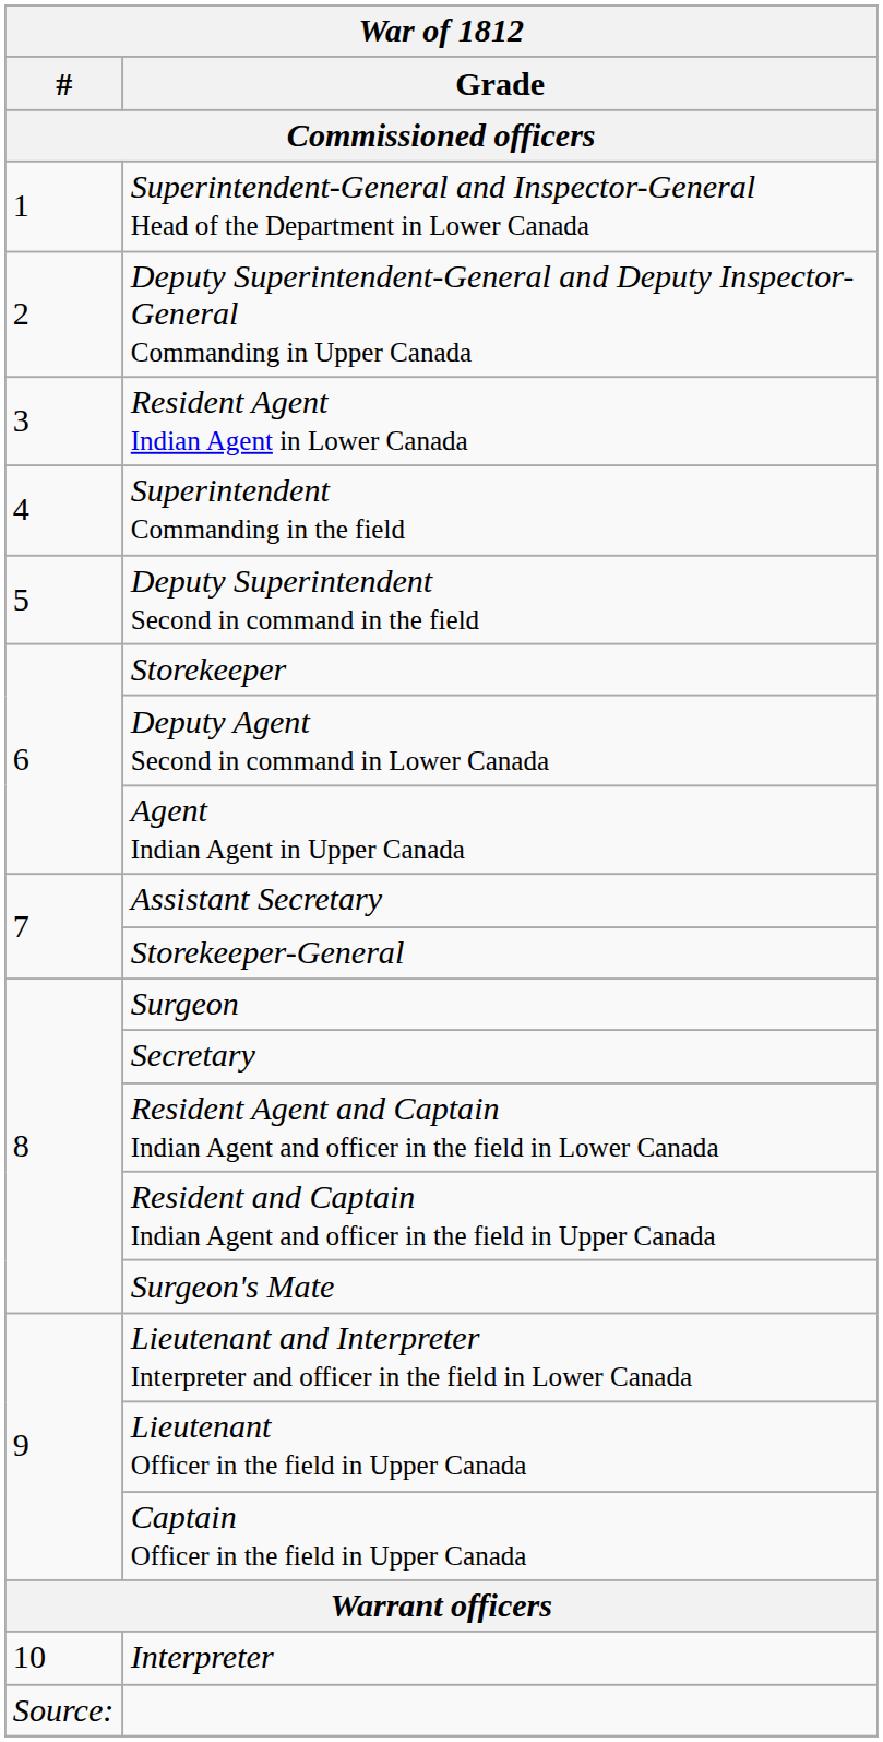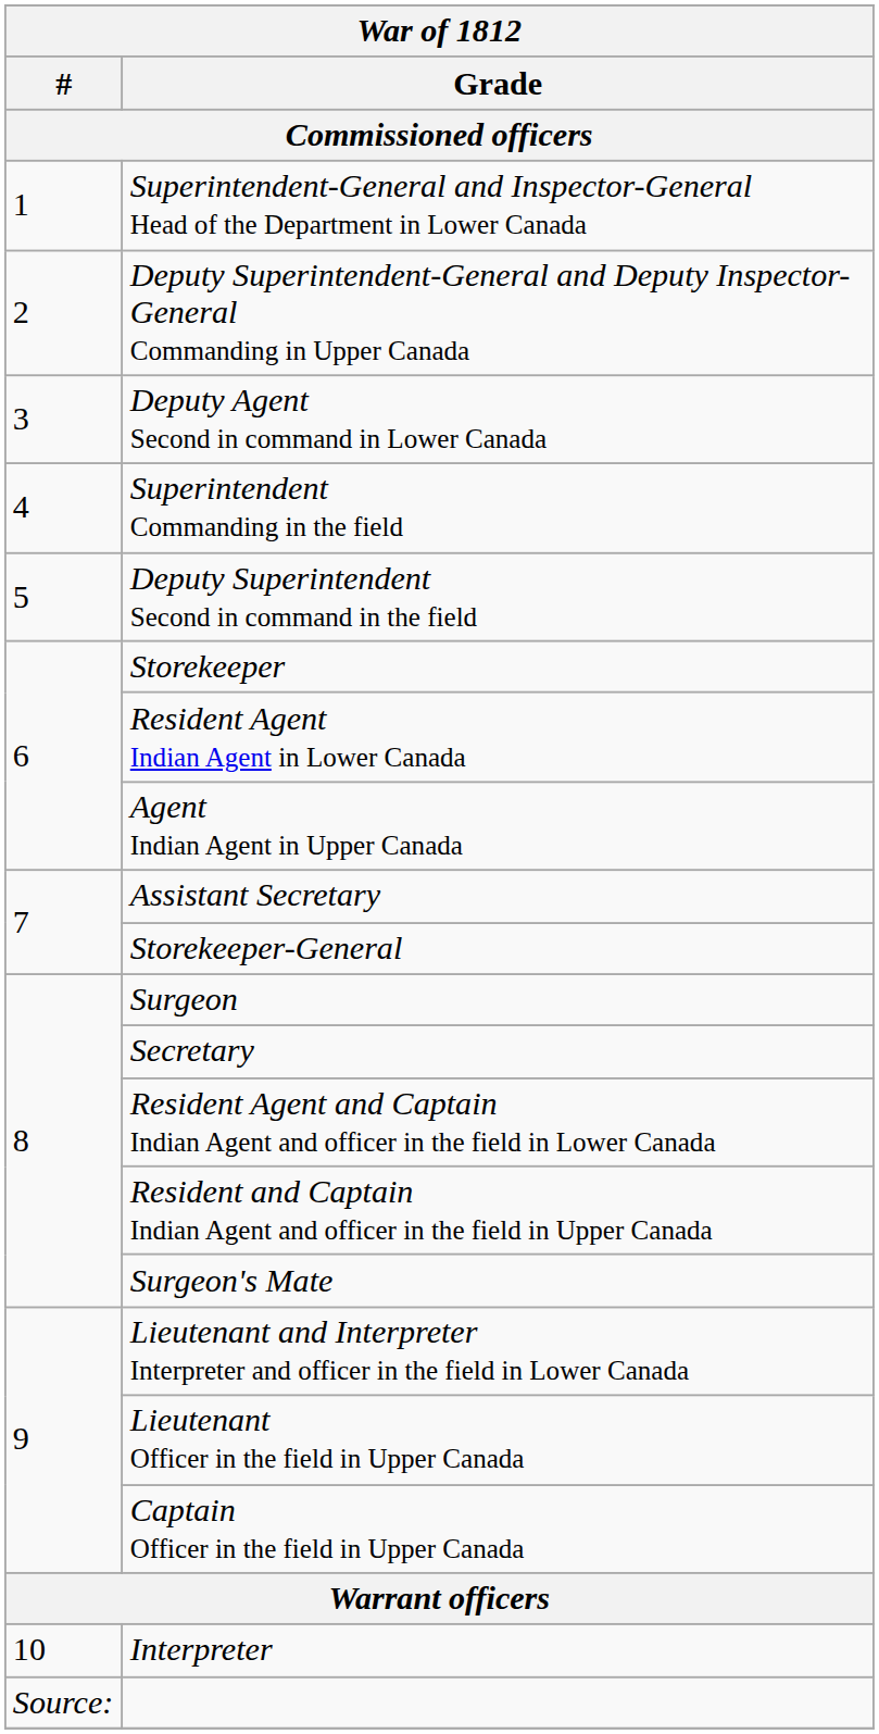 <table class="wikitable">
 <tr bgcolor="F1F1F1">
 </tr>
 <tr>
 <th colspan=2><em>War of 1812</em></th>
 </tr>
 <tr>
 <th align="center" width="50">#</th>
 <th align="center" width="360">Grade</th>
 </tr>
 <tr>
 <th colspan=2><em>Commissioned officers</em></th>
 </tr>
 <tr>
 <td>1</td>
 <td><em>Superintendent-General and Inspector-General</em> <br><small>Head of the Department in Lower Canada</small></td>
 </tr>
 <tr>
 <td>2</td>
 <td><em>Deputy Superintendent-General and Deputy Inspector-General</em> <br><small>Commanding in Upper Canada </small></td>
 </tr>
 <tr>
 <td>3</td>
-<td><em>Resident Agent</em> <br><small><a href='#'>Indian Agent</a> in Lower Canada</small></td>
+<td><em>Deputy Agent</em> <br><small>Second in command in Lower Canada</small></td>
 </tr>
 <tr>
 <td>4</td>
 <td><em>Superintendent</em> <br><small>Commanding in the field</small></td>
 </tr>
 <tr>
 <td>5</td>
 <td><em>Deputy Superintendent</em><br><small>Second in command in the field</small></td>
 </tr>
 <tr>
 <td rowspan=3>6</td>
 <td><em>Storekeeper</em></td>
 </tr>
 <tr>
-<td><em>Deputy Agent</em> <br><small>Second in command in Lower Canada</small></td>
+<td><em>Resident Agent</em> <br><small><a href='#'>Indian Agent</a> in Lower Canada</small></td>
 </tr>
 <tr>
 <td><em>Agent</em> <br><small>Indian Agent in Upper Canada</small></td>
 </tr>
 <tr>
 <td rowspan=2>7</td>
 <td><em>Assistant Secretary</em></td>
 </tr>
 <tr>
 <td><em>Storekeeper-General</em></td>
 </tr>
 <tr>
 <td rowspan=5>8</td>
 <td><em>Surgeon</em></td>
 </tr>
 <tr>
 <td><em>Secretary</em></td>
 </tr>
 <tr>
 <td><em>Resident Agent and Captain</em> <br><small>Indian Agent and officer in the field in Lower Canada</small></td>
 </tr>
 <tr>
 <td><em>Resident and Captain</em> <br><small>Indian Agent and officer in the field in Upper Canada</small></td>
 </tr>
 <tr>
 <td><em>Surgeon's Mate</em></td>
 </tr>
 <tr>
 <td rowspan=3>9</td>
 <td><em>Lieutenant and Interpreter</em>  <br><small>Interpreter and officer in the field in Lower Canada</small></td>
 </tr>
 <tr>
 <td><em>Lieutenant</em><br><small>Officer in the field in Upper Canada</small></td>
 </tr>
 <tr>
 <td><em>Captain</em><br><small>Officer in the field in Upper Canada</small></td>
 </tr>
 <tr>
 <th colspan=2><em>Warrant officers</em></th>
 </tr>
 <tr>
 <td>10</td>
 <td><em>Interpreter</em></td>
 </tr>
 <tr>
 <td><em>Source:</em></td>
 <td></td>
 </tr>
 <tr>
 </tr>
 </table>
